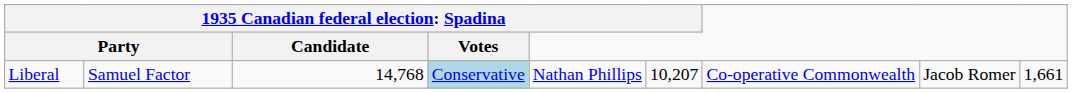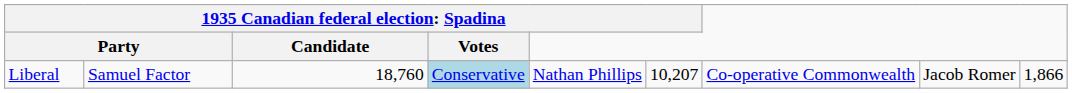 <table class="wikitable">
 <tr style="background:#e9e9e9;">
 <th colspan="6"><a href='#'>1935 Canadian federal election</a>: <a href='#'>Spadina</a></th>
 </tr>
 <tr style="background:#e9e9e9;">
 <th colspan="2" style="width: 200px">Party</th>
 <th style="width: 170px">Candidate</th>
 <th style="width: 40px">Votes</th>
 </tr>
 <tr>
 <td><a href='#'>Liberal</a></td>
 <td><a href='#'>Samuel Factor</a></td>
-<td align="right">14,768<br></td>
+<td align="right">18,760<br></td>
 <td style="background: lightblue;"><a href='#'>Conservative</a></td>
 <td><a href='#'>Nathan Phillips</a></td>
 <td align="right">10,207<br>  </td>
 <td><a href='#'>Co-operative Commonwealth</a></td>
 <td>Jacob Romer</td>
-<td align="right">1,661</td>
+<td align="right">1,866</td>
 </tr>
 </table>
